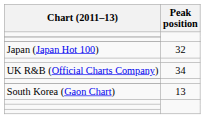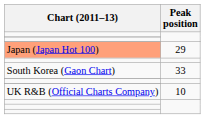 <table class="wikitable sortable">
 <tr>
 <th scope="col">Chart (2011–13)</th>
 <th scope="col">Peak<br>position</th>
 </tr>
 <tr>
 <td></td>
 </tr>
 <tr>
 </tr>
 <tr>
 </tr>
 <tr>
 </tr>
 <tr>
 </tr>
 <tr>
 <td></td>
 </tr>
 <tr>
 </tr>
 <tr>
-<td>Japan (<a href='#'>Japan Hot 100</a>)</td>
-<td style="text-align:center;">32</td>
+<td style="background: lightsalmon;">Japan (<a href='#'>Japan Hot 100</a>)</td>
+<td style="text-align:center;">29</td>
 </tr>
 <tr>
 <td></td>
 </tr>
 <tr>
-<td>UK R&B (<a href='#'>Official Charts Company</a>)</td>
-<td style="text-align:center;">34</td>
+<td>South Korea (<a href='#'>Gaon Chart</a>)</td>
+<td style="text-align:center;">33</td>
 </tr>
 <tr>
 </tr>
 <tr>
 <td></td>
 </tr>
 <tr>
 </tr>
 <tr>
-<td>South Korea (<a href='#'>Gaon Chart</a>)</td>
-<td style="text-align:center;">13</td>
+<td>UK R&B (<a href='#'>Official Charts Company</a>)</td>
+<td style="text-align:center;">10</td>
 </tr>
 <tr>
 <td></td>
 </tr>
 <tr>
 <td></td>
 </tr>
 <tr>
 <td></td>
 </tr>
 </table>
